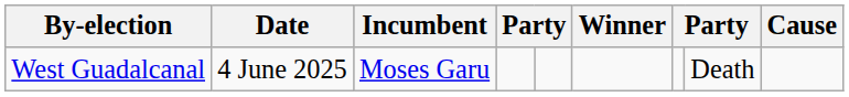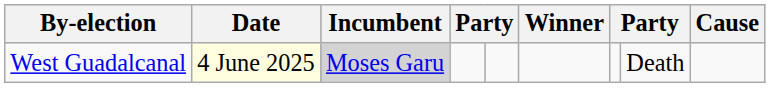 <table class="wikitable">
 <tr>
 <th>By-election</th>
 <th>Date</th>
 <th>Incumbent</th>
 <th colspan=2>Party</th>
 <th>Winner</th>
 <th colspan=2>Party</th>
 <th>Cause</th>
 </tr>
 <tr>
 <td><a href='#'>West Guadalcanal</a></td>
-<td>4 June 2025</td>
-<td><a href='#'>Moses Garu</a></td>
+<td style="background: lightyellow;">4 June 2025</td>
+<td style="background: lightgrey;"><a href='#'>Moses Garu</a></td>
 <td></td>
 <td></td>
 <td></td>
 <td></td>
 <td>Death</td>
 </tr>
 </table>
